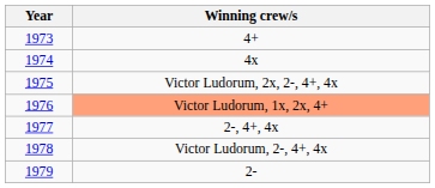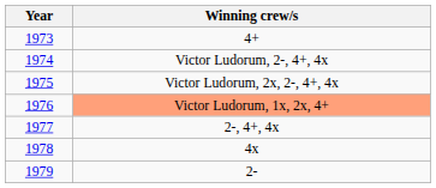 <table class="wikitable" style="text-align:center">
 <tr>
 <th width=70>Year</th>
 <th width=400>Winning crew/s</th>
 </tr>
 <tr>
 <td><a href='#'>1973</a></td>
 <td>4+</td>
 </tr>
 <tr>
 <td><a href='#'>1974</a></td>
-<td>4x </td>
+<td>Victor Ludorum, 2-, 4+, 4x</td>
 </tr>
 <tr>
 <td><a href='#'>1975</a></td>
 <td>Victor Ludorum, 2x, 2-, 4+, 4x</td>
 </tr>
 <tr>
 <td><a href='#'>1976</a></td>
 <td style="background: lightsalmon;">Victor Ludorum, 1x, 2x, 4+</td>
 </tr>
 <tr>
 <td><a href='#'>1977</a></td>
 <td>2-, 4+, 4x</td>
 </tr>
 <tr>
 <td><a href='#'>1978</a></td>
-<td>Victor Ludorum, 2-, 4+, 4x</td>
+<td>4x </td>
 </tr>
 <tr>
 <td><a href='#'>1979</a></td>
 <td>2-</td>
 </tr>
 </table>
